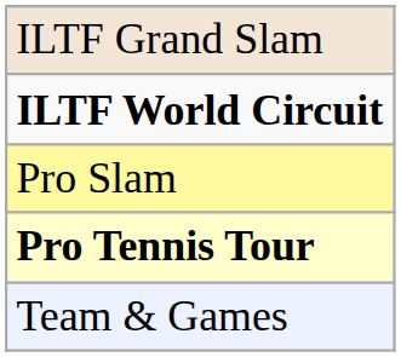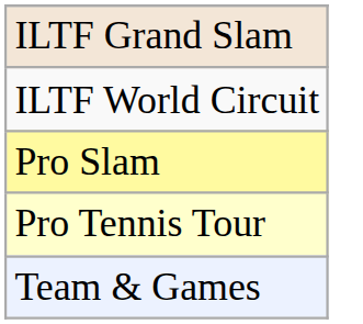 <table class="wikitable">
 <tr>
 </tr>
 <tr style="background:#F3E6D7">
 <td>ILTF Grand Slam</td>
 </tr>
 <tr>
-<td><strong>ILTF World Circuit</strong></td>
+<td>ILTF World Circuit</td>
 </tr>
 <tr style="background: #FFFAA0;">
 <td>Pro Slam</td>
 </tr>
 <tr style="background:#ffc;">
-<td><strong>Pro Tennis Tour</strong></td>
+<td>Pro Tennis Tour</td>
 </tr>
 <tr style="background:#ECF2FF;">
 <td>Team & Games</td>
 </tr>
 </table>
